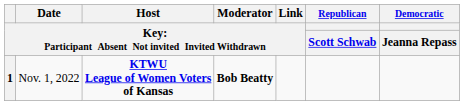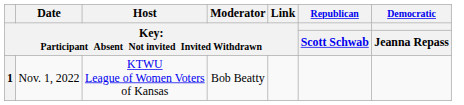 <table class="wikitable" style="text-align:center;">
 <tr>
 <th scope="col"></th>
 <th scope="col">Date</th>
 <th scope="col">Host</th>
 <th scope="col">Moderator</th>
 <th scope="col">Link</th>
 <th scope="col"><small><a href='#'>Republican</a></small></th>
 <th scope="col"><small><a href='#'>Democratic</a></small></th>
 </tr>
 <tr>
 <th colspan="5" rowspan="2">Key:<br> <small>Participant </small>  <small>Absent </small>  <small>Not invited </small>  <small>Invited  Withdrawn</small></th>
 <th scope="col" style="background:"></th>
 <th scope="col" style="background:"></th>
 </tr>
 <tr>
 <th scope="col"><a href='#'>Scott Schwab</a></th>
 <th scope="col">Jeanna Repass</th>
 </tr>
 <tr>
 <th>1</th>
 <td style="white-space:nowrap;">Nov. 1, 2022</td>
-<td style="white-space:nowrap;"><strong><a href='#'>KTWU</a><br><a href='#'>League of Women Voters</a><br>of Kansas</strong></td>
-<td style="white-space:nowrap;"><strong>Bob Beatty</strong></td>
+<td style="white-space:nowrap;"><a href='#'>KTWU</a><br><a href='#'>League of Women Voters</a><br>of Kansas</td>
+<td style="white-space:nowrap;">Bob Beatty</td>
 <td style="white-space:nowrap;"></td>
 <td></td>
 <td></td>
 </tr>
 </table>
